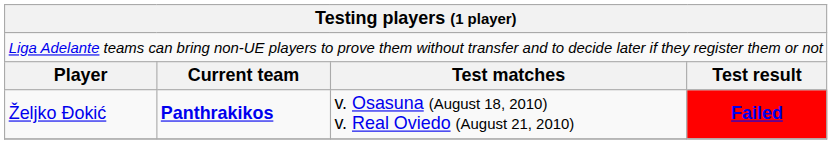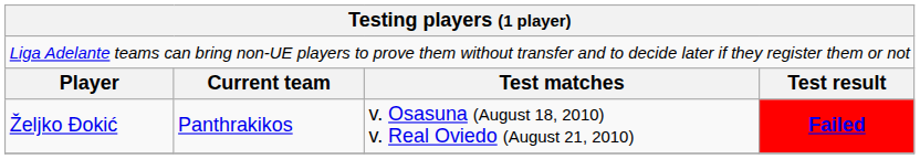 <table class="wikitable collapsible collapsed">
 <tr>
 <th colspan="4" width="500"><strong>Testing players</strong> <small>(1 player)</small></th>
 </tr>
 <tr>
 <td colspan="4" align="center"><small><em><a href='#'>Liga Adelante</a> teams can bring non-UE players to prove them without transfer and to decide later if they register them or not</em></small></td>
 </tr>
 <tr>
 <th>Player</th>
 <th>Current team</th>
 <th>Test matches</th>
 <th>Test result</th>
 </tr>
 <tr>
 <td> <a href='#'>Željko Đokić</a></td>
-<td><strong> <a href='#'>Panthrakikos</a></strong></td>
+<td> <a href='#'>Panthrakikos</a></td>
 <td>v.  <a href='#'>Osasuna</a> <small>(August 18, 2010)</small><br>v.  <a href='#'>Real Oviedo</a> <small>(August 21, 2010)</small></td>
 <td bgcolor="red" align="center"><strong><a href='#'><span>Failed</span></a></strong></td>
 </tr>
 <tr>
 </tr>
 </table>
